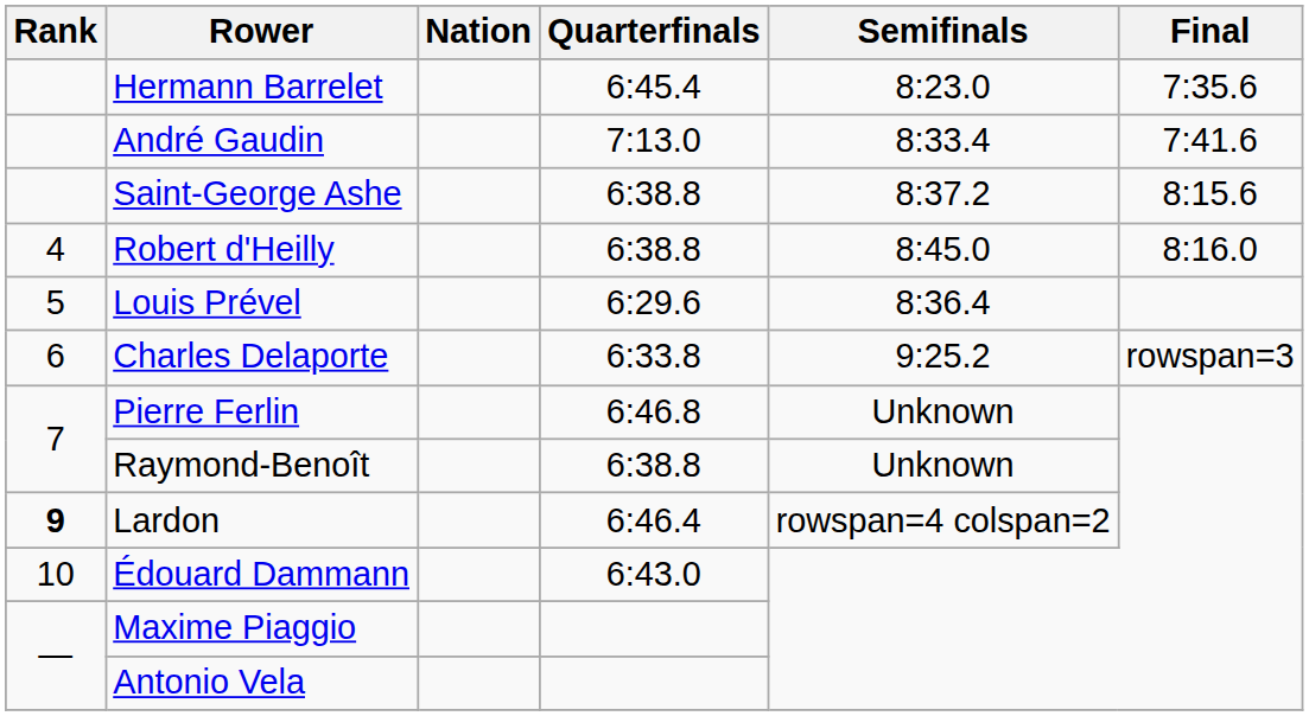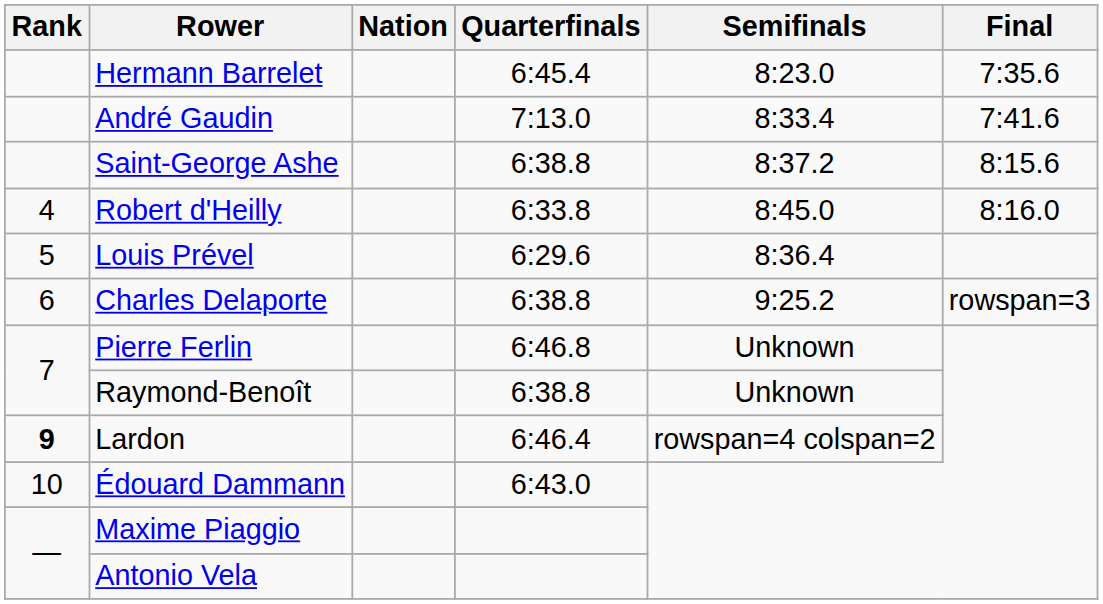 <table class="wikitable sortable" style="text-align:center">
 <tr>
 <th>Rank</th>
 <th>Rower</th>
 <th>Nation</th>
 <th>Quarterfinals</th>
 <th>Semifinals</th>
 <th>Final</th>
 </tr>
 <tr>
 <td></td>
 <td align=left><a href='#'>Hermann Barrelet</a></td>
 <td align=left></td>
 <td>6:45.4</td>
 <td>8:23.0</td>
 <td>7:35.6</td>
 </tr>
 <tr>
 <td></td>
 <td align=left><a href='#'>André Gaudin</a></td>
 <td align=left></td>
 <td>7:13.0</td>
 <td>8:33.4</td>
 <td>7:41.6</td>
 </tr>
 <tr>
 <td></td>
 <td align=left><a href='#'>Saint-George Ashe</a></td>
 <td align=left></td>
 <td>6:38.8</td>
 <td>8:37.2</td>
 <td>8:15.6</td>
 </tr>
 <tr>
 <td>4</td>
 <td align=left><a href='#'>Robert d'Heilly</a></td>
 <td align=left></td>
-<td>6:38.8</td>
+<td>6:33.8</td>
 <td>8:45.0</td>
 <td>8:16.0</td>
 </tr>
 <tr>
 <td>5</td>
 <td align=left><a href='#'>Louis Prével</a></td>
 <td align=left></td>
 <td>6:29.6</td>
 <td>8:36.4</td>
 <td data-sort-value=9:99.9></td>
 </tr>
 <tr>
 <td>6</td>
 <td align=left><a href='#'>Charles Delaporte</a></td>
 <td align=left></td>
-<td>6:33.8</td>
+<td>6:38.8</td>
 <td>9:25.2</td>
 <td>rowspan=3 </td>
 </tr>
 <tr>
 <td rowspan=2>7</td>
 <td align=left><a href='#'>Pierre Ferlin</a></td>
 <td align=left></td>
 <td>6:46.8</td>
 <td data-sort-value=9:99.9>Unknown</td>
 </tr>
 <tr>
 <td align=left>Raymond-Benoît</td>
 <td align=left></td>
 <td>6:38.8</td>
 <td data-sort-value=9:99.9>Unknown</td>
 </tr>
 <tr>
 <td><strong>9</strong></td>
 <td align=left>Lardon</td>
 <td align=left></td>
 <td>6:46.4</td>
 <td>rowspan=4 colspan=2 </td>
 </tr>
 <tr>
 <td>10</td>
 <td align=left><a href='#'>Édouard Dammann</a></td>
 <td align=left></td>
 <td>6:43.0</td>
 </tr>
 <tr>
 <td data-sort-value=11 rowspan=2>—</td>
 <td align=left><a href='#'>Maxime Piaggio</a></td>
 <td align=left></td>
 <td data-sort-value=9:99.9></td>
 </tr>
 <tr>
 <td align=left><a href='#'>Antonio Vela</a></td>
 <td align=left></td>
 <td data-sort-value=9:99.9></td>
 </tr>
 </table>
